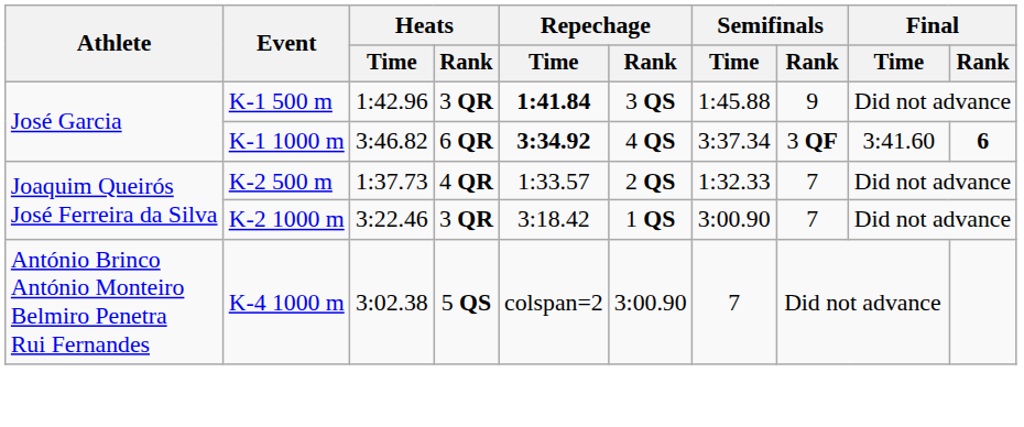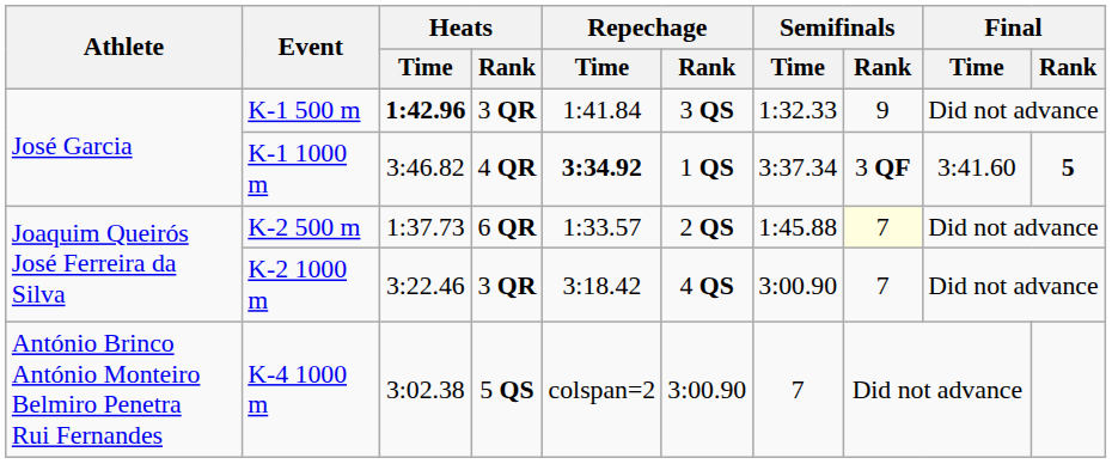 <table class=wikitable style="font-size:90%">
 <tr>
 <th rowspan="2">Athlete</th>
 <th rowspan="2">Event</th>
 <th colspan="2">Heats</th>
 <th colspan="2">Repechage</th>
 <th colspan="2">Semifinals</th>
 <th colspan="2">Final</th>
 </tr>
 <tr style="font-size:95%">
 <th>Time</th>
 <th>Rank</th>
 <th>Time</th>
 <th>Rank</th>
 <th>Time</th>
 <th>Rank</th>
 <th>Time</th>
 <th>Rank</th>
 </tr>
 <tr align=center>
 <td align=left rowspan=2><a href='#'>José Garcia</a></td>
 <td align=left><a href='#'>K-1 500 m</a></td>
-<td>1:42.96</td>
+<td><strong>1:42.96</strong></td>
 <td>3 <strong>QR</strong></td>
-<td><strong>1:41.84</strong></td>
+<td>1:41.84</td>
 <td>3 <strong>QS</strong></td>
-<td>1:45.88</td>
+<td>1:32.33</td>
 <td>9</td>
 <td colspan=4>Did not advance</td>
 </tr>
 <tr align=center>
 <td align=left><a href='#'>K-1 1000 m</a></td>
 <td>3:46.82</td>
-<td>6 <strong>QR</strong></td>
+<td>4 <strong>QR</strong></td>
 <td><strong>3:34.92</strong></td>
-<td>4 <strong>QS</strong></td>
+<td>1 <strong>QS</strong></td>
 <td>3:37.34</td>
 <td>3 <strong>QF</strong></td>
 <td>3:41.60</td>
-<td><strong>6</strong></td>
+<td><strong>5</strong></td>
 </tr>
 <tr align=center>
 <td align=left rowspan=2><a href='#'>Joaquim Queirós</a> <br> <a href='#'>José Ferreira da Silva</a></td>
 <td align=left><a href='#'>K-2 500 m</a></td>
 <td>1:37.73</td>
-<td>4 <strong>QR</strong></td>
+<td>6 <strong>QR</strong></td>
 <td>1:33.57</td>
 <td>2 <strong>QS</strong></td>
-<td>1:32.33</td>
-<td>7</td>
+<td>1:45.88</td>
+<td style="background: lightyellow;">7</td>
 <td colspan=2>Did not advance</td>
 </tr>
 <tr align=center>
 <td align=left><a href='#'>K-2 1000 m</a></td>
 <td>3:22.46</td>
 <td>3 <strong>QR</strong></td>
 <td>3:18.42</td>
-<td>1 <strong>QS</strong></td>
+<td>4 <strong>QS</strong></td>
 <td>3:00.90</td>
 <td>7</td>
 <td colspan=2>Did not advance</td>
 </tr>
 <tr align=center>
 <td align=left><a href='#'>António Brinco</a> <br> <a href='#'>António Monteiro</a> <br><a href='#'>Belmiro Penetra</a>  <br> <a href='#'>Rui Fernandes</a></td>
 <td align=left><a href='#'>K-4 1000 m</a></td>
 <td>3:02.38</td>
 <td>5 <strong>QS</strong></td>
 <td>colspan=2 </td>
 <td>3:00.90</td>
 <td>7</td>
 <td colspan=2>Did not advance</td>
 </tr>
 </table>
